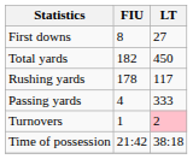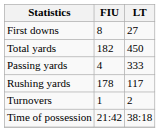 <table class="wikitable">
 <tr>
 <th>Statistics</th>
 <th>FIU</th>
 <th>LT</th>
 </tr>
 <tr>
 <td>First downs</td>
 <td>8</td>
 <td>27</td>
 </tr>
 <tr>
 <td>Total yards</td>
 <td>182</td>
 <td>450</td>
 </tr>
 <tr>
+<td>Passing yards</td>
+<td>4</td>
+<td>333</td>
+</tr>
+<tr>
 <td>Rushing yards</td>
 <td>178</td>
 <td>117</td>
 </tr>
 <tr>
-<td>Passing yards</td>
-<td>4</td>
-<td>333</td>
-</tr>
-<tr>
 <td>Turnovers</td>
 <td>1</td>
-<td style="background: pink;">2</td>
+<td>2</td>
 </tr>
 <tr>
 <td>Time of possession</td>
 <td>21:42</td>
 <td>38:18</td>
 </tr>
 <tr>
 </tr>
 </table>
